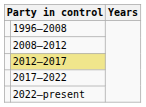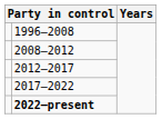 <table class="wikitable">
 <tr>
 <th colspan="2">Party in control</th>
 <th>Years</th>
 </tr>
 <tr>
 <td></td>
 <td>1996–2008</td>
 </tr>
 <tr>
 <td></td>
 <td>2008–2012</td>
 </tr>
 <tr>
 <td></td>
-<td style="background: khaki;">2012–2017</td>
+<td>2012–2017</td>
 </tr>
 <tr>
 <td></td>
 <td>2017–2022</td>
 </tr>
 <tr>
 <td></td>
-<td>2022–present</td>
+<td><strong>2022–present</strong></td>
 </tr>
 </table>
